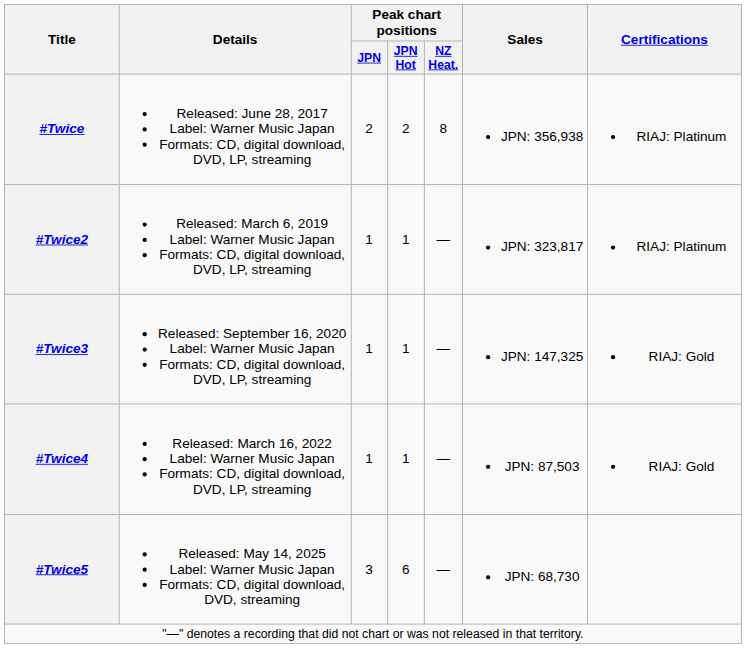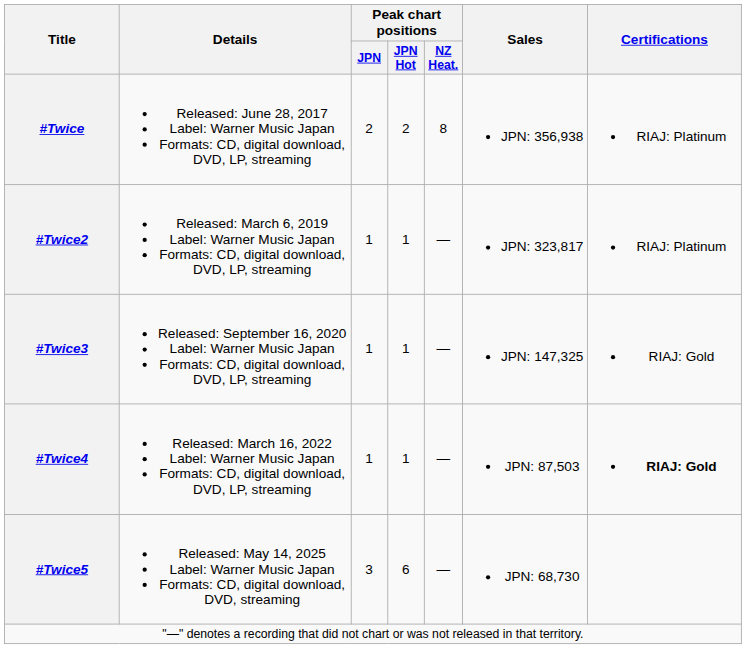 <table class="wikitable plainrowheaders" style="text-align:center;">
 <tr>
 <th scope="col" rowspan=2 style="width:10em;">Title</th>
 <th scope="col" rowspan=2 style="width:21em;">Details</th>
 <th scope="col" colspan=3>Peak chart positions</th>
 <th scope="col" rowspan=2 style="width:10em;">Sales</th>
 <th scope="col" rowspan=2 style="width:13em;"><a href='#'>Certifications</a></th>
 </tr>
 <tr>
 <th scope="col" style="width:2.8em;font-size:90%;"><a href='#'>JPN</a><br></th>
 <th scope="col" style="width:2.8em;font-size:90%;"><a href='#'>JPN Hot</a><br></th>
 <th scope="col" style="width:2.8em;font-size:90%;"><a href='#'>NZ Heat.</a><br></th>
 </tr>
 <tr>
 <th scope=row><em><a href='#'>#Twice</a></em></th>
 <td><br><ul><li>Released: June 28, 2017</li><li>Label: Warner Music Japan</li><li>Formats: CD, digital download, DVD, LP, streaming</li></ul></td>
 <td>2</td>
 <td>2</td>
 <td>8</td>
 <td><br><ul><li>JPN: 356,938</li></ul></td>
 <td><br><ul><li>RIAJ: Platinum</li></ul></td>
 </tr>
 <tr>
 <th scope=row><em><a href='#'>#Twice2</a></em></th>
 <td><br><ul><li>Released: March 6, 2019</li><li>Label: Warner Music Japan</li><li>Formats: CD, digital download, DVD, LP, streaming</li></ul></td>
 <td>1</td>
 <td>1</td>
 <td>—</td>
 <td><br><ul><li>JPN: 323,817</li></ul></td>
 <td><br><ul><li>RIAJ: Platinum</li></ul></td>
 </tr>
 <tr>
 <th scope=row><em><a href='#'>#Twice3</a></em></th>
 <td><br><ul><li>Released: September 16, 2020</li><li>Label: Warner Music Japan</li><li>Formats: CD, digital download, DVD, LP, streaming</li></ul></td>
 <td>1</td>
 <td>1</td>
 <td>—</td>
 <td><br><ul><li>JPN: 147,325</li></ul></td>
 <td><br><ul><li>RIAJ: Gold</li></ul></td>
 </tr>
 <tr>
 <th scope=row><em><a href='#'>#Twice4</a></em></th>
 <td><br><ul><li>Released: March 16, 2022</li><li>Label: Warner Music Japan</li><li>Formats: CD, digital download, DVD, LP, streaming</li></ul></td>
 <td>1</td>
 <td>1</td>
 <td>—</td>
 <td><br><ul><li>JPN: 87,503</li></ul></td>
-<td><br><ul><li>RIAJ: Gold</li></ul></td>
+<td><strong><br><ul><li>RIAJ: Gold</li></ul></strong></td>
 </tr>
 <tr>
 <th scope=row><em><a href='#'>#Twice5</a></em></th>
 <td><br><ul><li>Released: May 14, 2025</li><li>Label: Warner Music Japan</li><li>Formats: CD, digital download, DVD, streaming</li></ul></td>
 <td>3</td>
 <td>6</td>
 <td>—</td>
 <td><br><ul><li>JPN: 68,730</li></ul></td>
 <td></td>
 </tr>
 <tr>
 <td colspan=7 style="font-size:90%">"—" denotes a recording that did not chart or was not released in that territory.</td>
 </tr>
 </table>
